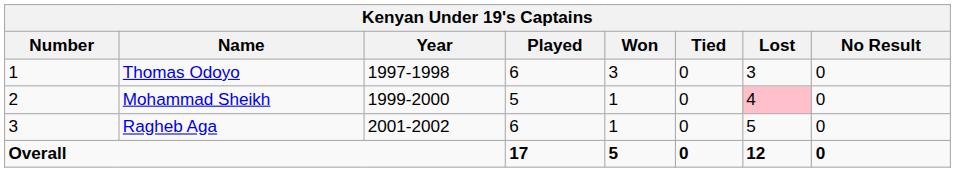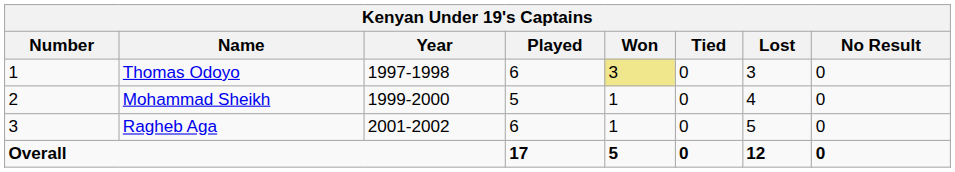 <table class="wikitable" width="70%">
 <tr>
 <th bgcolor="#efefef" colspan=9>Kenyan Under 19's Captains</th>
 </tr>
 <tr bgcolor="#efefef">
 <th>Number</th>
 <th>Name</th>
 <th>Year</th>
 <th>Played</th>
 <th>Won</th>
 <th>Tied</th>
 <th>Lost</th>
 <th>No Result</th>
 </tr>
 <tr>
 <td>1</td>
 <td><a href='#'>Thomas Odoyo</a></td>
 <td>1997-1998</td>
 <td>6</td>
-<td>3</td>
+<td style="background: khaki;">3</td>
 <td>0</td>
 <td>3</td>
 <td>0</td>
 </tr>
 <tr>
 <td>2</td>
 <td><a href='#'>Mohammad Sheikh</a></td>
 <td>1999-2000</td>
 <td>5</td>
 <td>1</td>
 <td>0</td>
-<td style="background: pink;">4</td>
+<td>4</td>
 <td>0</td>
 </tr>
 <tr>
 <td>3</td>
 <td><a href='#'>Ragheb Aga</a></td>
 <td>2001-2002</td>
 <td>6</td>
 <td>1</td>
 <td>0</td>
 <td>5</td>
 <td>0</td>
 </tr>
 <tr>
 <td colspan=3><strong>Overall</strong></td>
 <td><strong>17</strong></td>
 <td><strong>5</strong></td>
 <td><strong>0</strong></td>
 <td><strong>12</strong></td>
 <td><strong>0</strong></td>
 </tr>
 </table>
